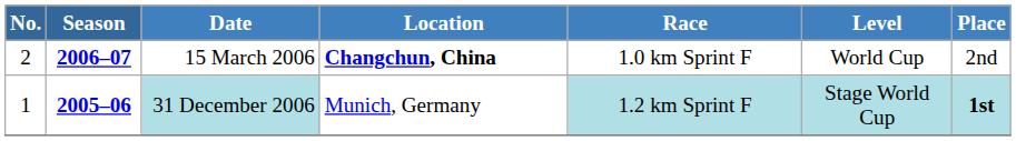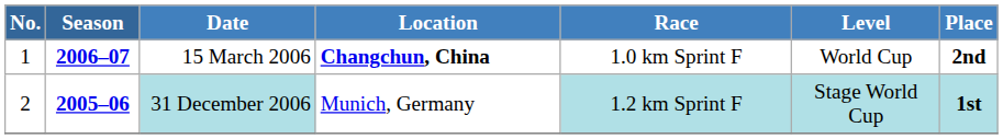 <table class="wikitable sortable" style="font-size:95%; text-align:center; border:grey solid 1px; border-collapse:collapse; background:#ffffff;">
 <tr style="background:#efefef;">
 <th style="background-color:#369; color:white;">No.</th>
 <th style="background-color:#369; color:white;">Season</th>
 <th style="background-color:#4180be; color:white; width:120px;">Date</th>
 <th style="background-color:#4180be; color:white; width:170px;">Location</th>
 <th style="background-color:#4180be; color:white; width:160px;">Race</th>
 <th style="background-color:#4180be; color:white; width:100px;">Level</th>
 <th style="background-color:#4180be; color:white;">Place</th>
 </tr>
 <tr>
-<td align=center>2</td>
+<td align=center>1</td>
 <td rowspan=1 align=center><strong><a href='#'>2006–07</a></strong></td>
 <td align=right>15 March 2006</td>
 <td align=left><strong> <a href='#'>Changchun</a>, China</strong></td>
 <td>1.0 km Sprint F</td>
 <td>World Cup</td>
-<td>2nd</td>
+<td><strong>2nd</strong></td>
 </tr>
 <tr>
-<td align=center>1</td>
+<td align=center>2</td>
 <td rowspan=1 align=center><strong> <a href='#'>2005–06</a> </strong></td>
 <td bgcolor="#BOEOE6" align=right>31 December 2006</td>
 <td align=left> <a href='#'>Munich</a>, Germany</td>
 <td bgcolor="#BOEOE6">1.2 km Sprint F</td>
 <td bgcolor="#BOEOE6">Stage World Cup</td>
 <td bgcolor="#BOEOE6"><strong>1st</strong></td>
 </tr>
 <tr>
 </tr>
 </table>
